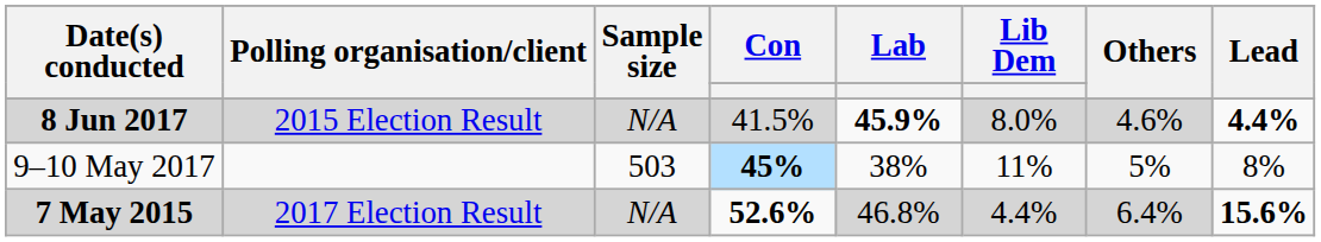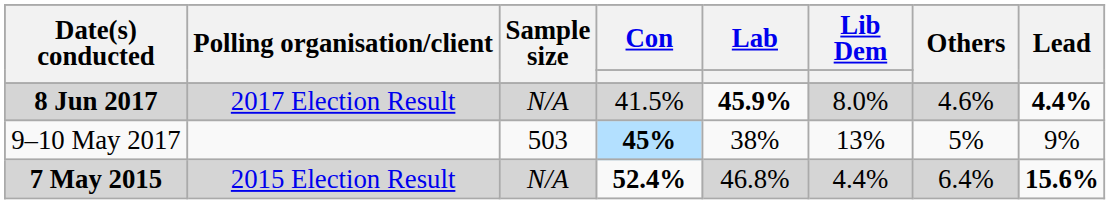 <table class="wikitable sortable mw-datatable" style="text-align:center;font-size:90%;line-height:14px;">
 <tr>
 <th rowspan="2">Date(s)<br>conducted</th>
 <th rowspan="2">Polling organisation/client</th>
 <th rowspan="2">Sample<br>size</th>
 <th style="width:50px;" class="unsortable"><a href='#'>Con</a></th>
 <th style="width:50px;" class="unsortable"><a href='#'>Lab</a></th>
 <th style="width:50px;" class="unsortable"><a href='#'>Lib Dem</a></th>
 <th style="width:50px;" rowspan="2" class="unsortable">Others</th>
 <th class="unsortable" style="width:20px;" rowspan="2">Lead</th>
 </tr>
 <tr>
 <th class="unsortable" style="color:inherit;background:"></th>
 <th class="unsortable" style="color:inherit;background:"></th>
 <th class="unsortable" style="color:inherit;background:"></th>
 </tr>
 <tr>
 <td style="background:#D5D5D5"><strong>8 Jun 2017</strong></td>
-<td style="background:#D5D5D5"><a href='#'>2015 Election Result</a></td>
+<td style="background:#D5D5D5"><a href='#'>2017 Election Result</a></td>
 <td style="background:#D5D5D5"><em>N/A</em></td>
 <td style="background:#D5D5D5">41.5%</td>
 <td style="background:"><strong>45.9%</strong></td>
 <td style="background:#D5D5D5">8.0%</td>
 <td style="background:#D5D5D5">4.6%</td>
 <td style="background:"><strong>4.4%</strong></td>
 </tr>
 <tr>
 <td rowspan=1>9–10 May 2017</td>
 <td rowspan=1></td>
 <td rowspan=1>503</td>
 <td style="background:#B3E0FF"><strong>45%</strong></td>
 <td>38%</td>
-<td>11%</td>
+<td>13%</td>
 <td>5%</td>
-<td style="background:">8%</td>
+<td style="background:">9%</td>
 </tr>
 <tr>
 <td style="background:#D5D5D5"><strong>7 May 2015</strong></td>
-<td style="background:#D5D5D5"><a href='#'>2017 Election Result</a></td>
+<td style="background:#D5D5D5"><a href='#'>2015 Election Result</a></td>
 <td style="background:#D5D5D5"><em>N/A</em></td>
-<td style="background:"><strong>52.6%</strong></td>
+<td style="background:"><strong>52.4%</strong></td>
 <td style="background:#D5D5D5">46.8%</td>
 <td style="background:#D5D5D5">4.4%</td>
 <td style="background:#D5D5D5">6.4%</td>
 <td style="background:"><strong>15.6%</strong></td>
 </tr>
 </table>
